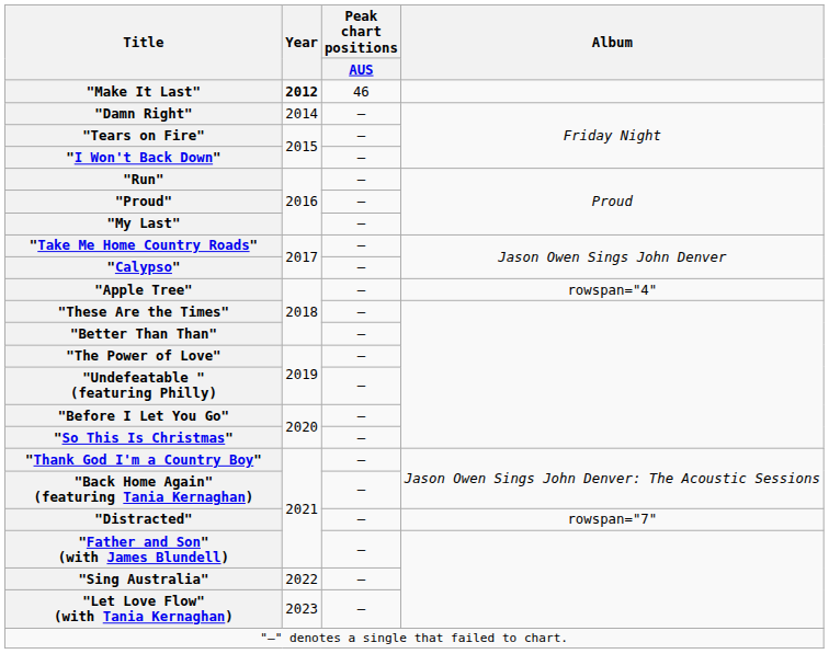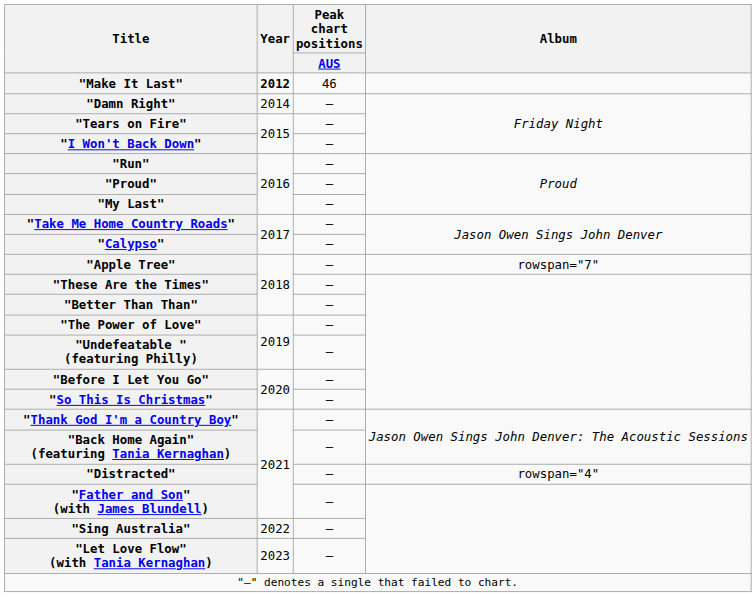 <table class="wikitable plainrowheaders" style="text-align:center;">
 <tr>
 <th scope="col" rowspan="2" style="width:20em;">Title</th>
 <th scope="col" rowspan="2">Year</th>
 <th scope="col">Peak chart positions</th>
 <th scope="col" rowspan="2">Album</th>
 </tr>
 <tr>
 <th scope="col" style="width:3em;"><a href='#'>AUS</a><br></th>
 </tr>
 <tr>
 <th scope="row">"Make It Last"</th>
 <td><strong>2012</strong></td>
 <td>46</td>
 <td></td>
 </tr>
 <tr>
 <th scope="row">"Damn Right"</th>
 <td>2014</td>
 <td>—</td>
 <td rowspan="3"><em>Friday Night</em></td>
 </tr>
 <tr>
 <th scope="row">"Tears on Fire"</th>
 <td rowspan="2">2015</td>
 <td>—</td>
 </tr>
 <tr>
 <th scope="row">"<a href='#'>I Won't Back Down</a>"</th>
 <td>—</td>
 </tr>
 <tr>
 <th scope="row">"Run"</th>
 <td rowspan="3">2016</td>
 <td>—</td>
 <td rowspan="3"><em>Proud</em></td>
 </tr>
 <tr>
 <th scope="row">"Proud"</th>
 <td>—</td>
 </tr>
 <tr>
 <th scope="row">"My Last"</th>
 <td>—</td>
 </tr>
 <tr>
 <th scope="row">"<a href='#'>Take Me Home Country Roads</a>"</th>
 <td rowspan="2">2017</td>
 <td>—</td>
 <td rowspan="2"><em>Jason Owen Sings John Denver</em></td>
 </tr>
 <tr>
 <th scope="row">"<a href='#'>Calypso</a>"</th>
 <td>—</td>
 </tr>
 <tr>
 <th scope="row">"Apple Tree"</th>
 <td rowspan="3">2018</td>
 <td>—</td>
-<td>rowspan="4"</td>
+<td>rowspan="7"</td>
 </tr>
 <tr>
 <th scope="row">"These Are the Times"</th>
 <td>—</td>
 </tr>
 <tr>
 <th scope="row">"Better Than Than"</th>
 <td>—</td>
 </tr>
 <tr>
 <th scope="row">"The Power of Love"</th>
 <td rowspan="2">2019</td>
 <td>—</td>
 </tr>
 <tr>
 <th scope="row">"Undefeatable "<br>(featuring Philly)</th>
 <td>—</td>
 </tr>
 <tr>
 <th scope="row">"Before I Let You Go"</th>
 <td rowspan="2">2020</td>
 <td>—</td>
 </tr>
 <tr>
 <th scope="row">"<a href='#'>So This Is Christmas</a>"</th>
 <td>—</td>
 </tr>
 <tr>
 <th scope="row">"<a href='#'>Thank God I'm a Country Boy</a>"</th>
 <td rowspan="4">2021</td>
 <td>—</td>
 <td rowspan="2"><em>Jason Owen Sings John Denver: The Acoustic Sessions</em></td>
 </tr>
 <tr>
 <th scope="row">"Back Home Again"<br>(featuring <a href='#'>Tania Kernaghan</a>)</th>
 <td>—</td>
 </tr>
 <tr>
 <th scope="row">"Distracted"</th>
 <td>—</td>
-<td>rowspan="7"</td>
+<td>rowspan="4"</td>
 </tr>
 <tr>
 <th scope="row">"<a href='#'>Father and Son</a>"<br>(with <a href='#'>James Blundell</a>)</th>
 <td>—</td>
 </tr>
 <tr>
 <th scope="row">"Sing Australia"</th>
 <td>2022</td>
 <td>—</td>
 </tr>
 <tr>
 <th scope="row">"Let Love Flow"<br>(with <a href='#'>Tania Kernaghan</a>)</th>
 <td>2023</td>
 <td>—</td>
 </tr>
 <tr>
 <td colspan="7" style="font-size:90%">"—" denotes a single that failed to chart.</td>
 </tr>
 </table>
